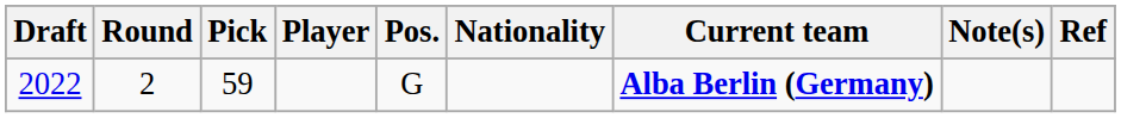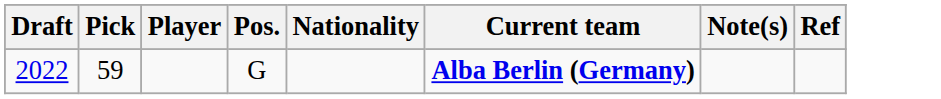 <table class="wikitable sortable" style="text-align:left; font-size:90%;">
 <tr>
 <th>Draft</th>
-<th>Round</th>
 <th>Pick</th>
 <th>Player</th>
 <th>Pos.</th>
 <th>Nationality</th>
 <th>Current team</th>
 <th>Note(s)</th>
 <th class="unsortable">Ref</th>
 </tr>
 <tr>
 <td style="text-align:center;"><a href='#'>2022</a></td>
-<td style="text-align:center;">2</td>
 <td style="text-align:center;">59</td>
 <td></td>
 <td style="text-align:center;">G</td>
 <td></td>
 <td><strong><a href='#'>Alba Berlin</a> (<a href='#'>Germany</a>)</strong></td>
 <td></td>
 <td style="text-align:center;"></td>
 </tr>
 </table>
